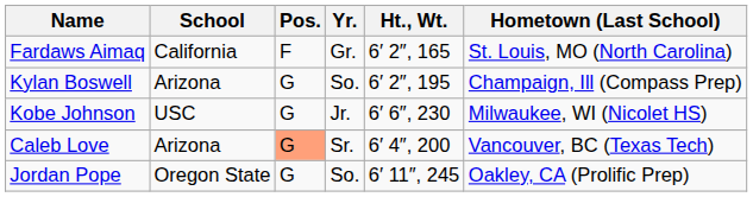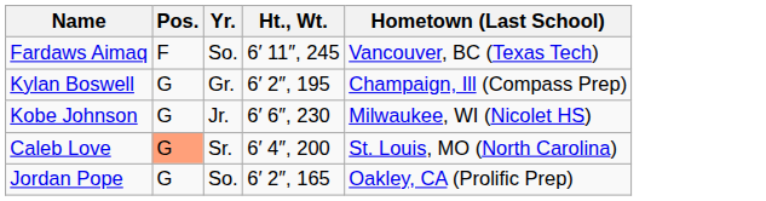 <table class="wikitable">
 <tr>
 <th>Name</th>
-<th>School</th>
 <th>Pos.</th>
 <th>Yr.</th>
 <th>Ht., Wt.</th>
 <th>Hometown (Last School)</th>
 </tr>
 <tr>
 <td><a href='#'>Fardaws Aimaq</a></td>
-<td>California</td>
 <td>F</td>
-<td>Gr.</td>
-<td>6′ 2″, 165</td>
-<td><a href='#'>St. Louis</a>, MO (<a href='#'>North Carolina</a>)</td>
+<td>So.</td>
+<td>6′ 11″, 245</td>
+<td><a href='#'>Vancouver</a>, BC (<a href='#'>Texas Tech</a>)</td>
 </tr>
 <tr>
 <td><a href='#'>Kylan Boswell</a></td>
-<td>Arizona</td>
 <td>G</td>
-<td>So.</td>
+<td>Gr.</td>
 <td>6′ 2″, 195</td>
 <td><a href='#'>Champaign, Ill</a> (Compass Prep)</td>
 </tr>
 <tr>
 <td><a href='#'>Kobe Johnson</a></td>
-<td>USC</td>
 <td>G</td>
 <td>Jr.</td>
 <td>6′ 6″, 230</td>
 <td><a href='#'>Milwaukee</a>, WI (<a href='#'>Nicolet HS</a>)</td>
 </tr>
 <tr>
 <td><a href='#'>Caleb Love</a></td>
-<td>Arizona</td>
 <td style="background: lightsalmon;">G</td>
 <td>Sr.</td>
 <td>6′ 4″, 200</td>
-<td><a href='#'>Vancouver</a>, BC (<a href='#'>Texas Tech</a>)</td>
+<td><a href='#'>St. Louis</a>, MO (<a href='#'>North Carolina</a>)</td>
 </tr>
 <tr>
 <td><a href='#'>Jordan Pope</a></td>
-<td>Oregon State</td>
 <td>G</td>
 <td>So.</td>
-<td>6′ 11″, 245</td>
+<td>6′ 2″, 165</td>
 <td><a href='#'>Oakley, CA</a> (Prolific Prep)</td>
 </tr>
 </table>
